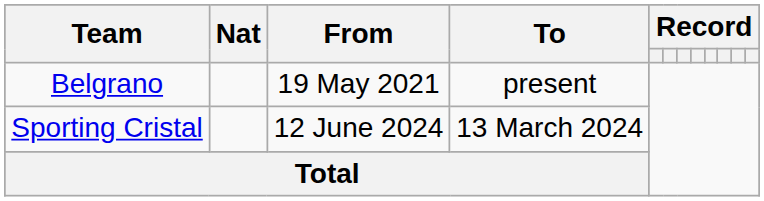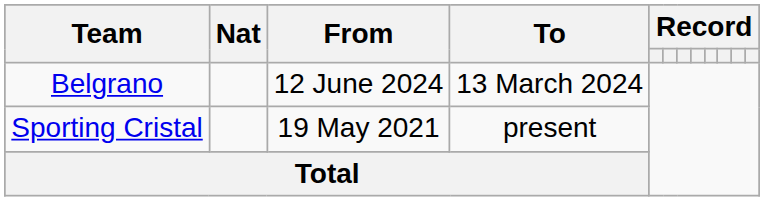 <table class="wikitable" tyle="text-align: center">
 <tr>
 <th rowspan="2">Team</th>
 <th rowspan="2">Nat</th>
 <th rowspan="2">From</th>
 <th rowspan="2">To</th>
 <th colspan="8">Record</th>
 </tr>
 <tr>
 <th></th>
 <th></th>
 <th></th>
 <th></th>
 <th></th>
 <th></th>
 <th></th>
 <th></th>
 </tr>
 <tr>
 <td align=center><a href='#'>Belgrano</a></td>
 <td rowspan="1"></td>
-<td align=center>19 May 2021</td>
-<td align=center>present<br></td>
+<td align=center>12 June 2024</td>
+<td align=center>13 March 2024<br></td>
 </tr>
 <tr>
 <td align=center><a href='#'>Sporting Cristal</a></td>
 <td rowspan="1"></td>
-<td align=center>12 June 2024</td>
-<td align=center>13 March 2024<br></td>
+<td align=center>19 May 2021</td>
+<td align=center>present<br></td>
 </tr>
 <tr>
 <th colspan="4">Total<br></th>
 </tr>
 </table>
